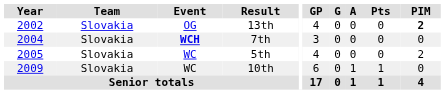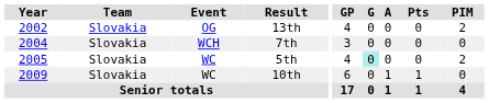 <table border="0" cellpadding="1" cellspacing="0" ID="Table3" style="text-align:center; width:40em">
 <tr ALIGN="center" bgcolor="#e0e0e0">
 <th>Year</th>
 <th>Team</th>
 <th>Event</th>
 <th>Result</th>
 <th rowspan="99" bgcolor="#ffffff"></th>
 <th>GP</th>
 <th>G</th>
 <th>A</th>
 <th>Pts</th>
 <th>PIM</th>
 </tr>
 <tr>
 <td><a href='#'>2002</a></td>
 <td><a href='#'>Slovakia</a></td>
 <td><a href='#'>OG</a></td>
 <td>13th</td>
 <td>4</td>
 <td>0</td>
 <td>0</td>
 <td>0</td>
-<td><strong>2</strong></td>
+<td>2</td>
 </tr>
 <tr bgcolor="#f0f0f0">
 <td><a href='#'>2004</a></td>
 <td>Slovakia</td>
-<td><strong><a href='#'>WCH</a></strong></td>
+<td><a href='#'>WCH</a></td>
 <td>7th</td>
 <td>3</td>
 <td>0</td>
 <td>0</td>
 <td>0</td>
 <td>0</td>
 </tr>
 <tr>
 <td><a href='#'>2005</a></td>
 <td>Slovakia</td>
 <td><a href='#'>WC</a></td>
 <td>5th</td>
 <td>4</td>
-<td>0</td>
+<td style="background: paleturquoise;">0</td>
 <td>0</td>
 <td>0</td>
 <td>2</td>
 </tr>
 <tr bgcolor="#f0f0f0">
 <td><a href='#'>2009</a></td>
 <td>Slovakia</td>
 <td>WC</td>
 <td>10th</td>
 <td>6</td>
 <td>0</td>
 <td>1</td>
 <td>1</td>
 <td>0</td>
 </tr>
 <tr bgcolor="#e0e0e0">
 <th colspan="4">Senior totals</th>
 <th>17</th>
 <th>0</th>
 <th>1</th>
 <th>1</th>
 <th>4</th>
 </tr>
 </table>
